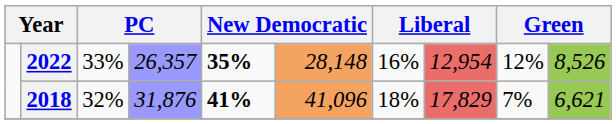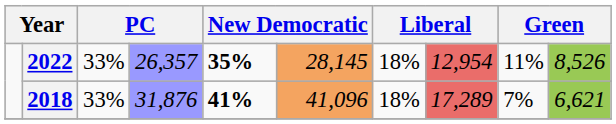 <table class="wikitable" style="float:right; width:400; font-size:90%; margin-left:1em;">
 <tr>
 <th colspan="2" scope="col">Year</th>
 <th colspan="2" scope="col"><a href='#'>PC</a></th>
 <th colspan="2" scope="col"><a href='#'>New Democratic</a></th>
 <th colspan="2" scope="col"><a href='#'>Liberal</a></th>
 <th colspan="2" scope="col"><a href='#'>Green</a></th>
 </tr>
 <tr>
 <td rowspan="2" style="width: 0.25em; background-color: "></td>
 <th><a href='#'>2022</a></th>
 <td>33%</td>
 <td style="text-align:right; background:#9999FF;"><em>26,357</em></td>
 <td><strong>35%</strong></td>
-<td style="text-align:right; background:#F4A460;"><em>28,148</em></td>
-<td>16%</td>
+<td style="text-align:right; background:#F4A460;"><em>28,145</em></td>
+<td>18%</td>
 <td style="text-align:right; background:#EA6D6A;"><em>12,954</em></td>
-<td>12%</td>
+<td>11%</td>
 <td style="text-align:right; background:#99C955;"><em>8,526</em></td>
 </tr>
 <tr>
 <th><a href='#'>2018</a></th>
-<td>32%</td>
+<td>33%</td>
 <td style="text-align:right; background:#9999FF;"><em>31,876</em></td>
 <td><strong>41%</strong></td>
 <td style="text-align:right; background:#F4A460;"><em>41,096</em></td>
 <td>18%</td>
-<td style="text-align:right; background:#EA6D6A;"><em>17,829</em></td>
+<td style="text-align:right; background:#EA6D6A;"><em>17,289</em></td>
 <td>7%</td>
 <td style="text-align:right; background:#99C955;"><em>6,621</em></td>
 </tr>
 <tr>
 </tr>
 </table>
